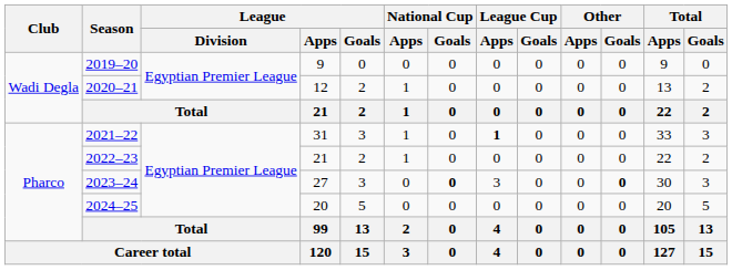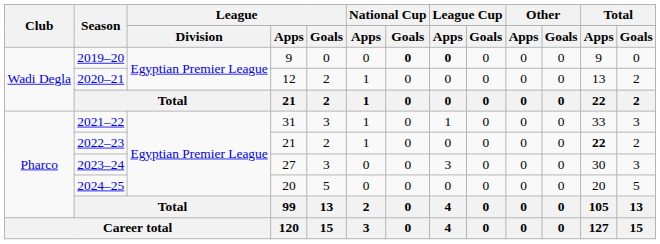 <table class=wikitable style=text-align:center>
 <tr>
 <th rowspan="2">Club</th>
 <th rowspan="2">Season</th>
 <th colspan="3">League</th>
 <th colspan="2">National Cup</th>
 <th colspan="2">League Cup</th>
 <th colspan="2">Other</th>
 <th colspan="2">Total</th>
 </tr>
 <tr>
 <th>Division</th>
 <th>Apps</th>
 <th>Goals</th>
 <th>Apps</th>
 <th>Goals</th>
 <th>Apps</th>
 <th>Goals</th>
 <th>Apps</th>
 <th>Goals</th>
 <th>Apps</th>
 <th>Goals</th>
 </tr>
 <tr>
 <td rowspan="3"><a href='#'>Wadi Degla</a></td>
 <td><a href='#'>2019–20</a></td>
 <td rowspan="2"><a href='#'>Egyptian Premier League</a></td>
 <td>9</td>
 <td>0</td>
 <td>0</td>
-<td>0</td>
-<td>0</td>
+<td><strong>0</strong></td>
+<td><strong>0</strong></td>
 <td>0</td>
 <td>0</td>
 <td>0</td>
 <td>9</td>
 <td>0</td>
 </tr>
 <tr>
 <td><a href='#'>2020–21</a></td>
 <td>12</td>
 <td>2</td>
 <td>1</td>
 <td>0</td>
 <td>0</td>
 <td>0</td>
 <td>0</td>
 <td>0</td>
 <td>13</td>
 <td>2</td>
 </tr>
 <tr>
 <th colspan=2>Total</th>
 <th>21</th>
 <th>2</th>
 <th>1</th>
 <th>0</th>
 <th>0</th>
 <th>0</th>
 <th>0</th>
 <th>0</th>
 <th>22</th>
 <th>2</th>
 </tr>
 <tr>
 <td rowspan="5"><a href='#'>Pharco</a></td>
 <td><a href='#'>2021–22</a></td>
 <td rowspan="4"><a href='#'>Egyptian Premier League</a></td>
 <td>31</td>
 <td>3</td>
 <td>1</td>
 <td>0</td>
-<td><strong>1</strong></td>
+<td>1</td>
 <td>0</td>
 <td>0</td>
 <td>0</td>
 <td>33</td>
 <td>3</td>
 </tr>
 <tr>
 <td><a href='#'>2022–23</a></td>
 <td>21</td>
 <td>2</td>
 <td>1</td>
 <td>0</td>
 <td>0</td>
 <td>0</td>
 <td>0</td>
 <td>0</td>
-<td>22</td>
+<td><strong>22</strong></td>
 <td>2</td>
 </tr>
 <tr>
 <td><a href='#'>2023–24</a></td>
 <td>27</td>
 <td>3</td>
 <td>0</td>
-<td><strong>0</strong></td>
+<td>0</td>
 <td>3</td>
 <td>0</td>
 <td>0</td>
-<td><strong>0</strong></td>
+<td>0</td>
 <td>30</td>
 <td>3</td>
 </tr>
 <tr>
 <td><a href='#'>2024–25</a></td>
 <td>20</td>
 <td>5</td>
 <td>0</td>
 <td>0</td>
 <td>0</td>
 <td>0</td>
 <td>0</td>
 <td>0</td>
 <td>20</td>
 <td>5</td>
 </tr>
 <tr>
 <th colspan=2>Total</th>
 <th>99</th>
 <th>13</th>
 <th>2</th>
 <th>0</th>
 <th>4</th>
 <th>0</th>
 <th>0</th>
 <th>0</th>
 <th>105</th>
 <th>13</th>
 </tr>
 <tr>
 <th colspan=3>Career total</th>
 <th>120</th>
 <th>15</th>
 <th>3</th>
 <th>0</th>
 <th>4</th>
 <th>0</th>
 <th>0</th>
 <th>0</th>
 <th>127</th>
 <th>15</th>
 </tr>
 </table>
